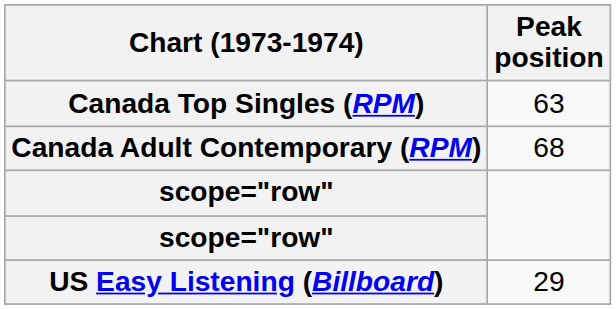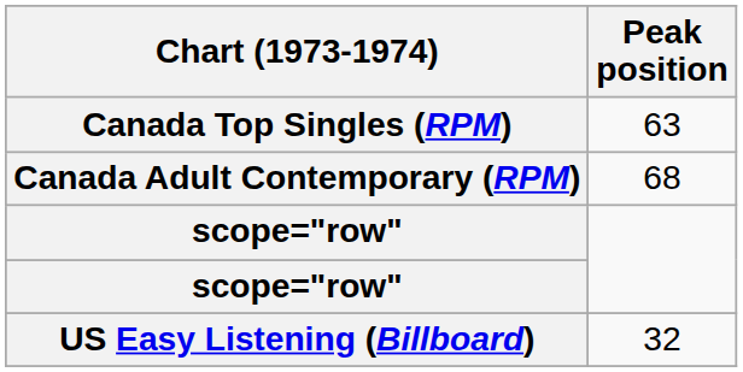 <table class="wikitable sortable plainrowheaders" style="text-align:center;">
 <tr>
 <th scope="col">Chart (1973-1974)</th>
 <th scope="col">Peak<br>position</th>
 </tr>
 <tr>
 <th scope="row">Canada Top Singles (<em><a href='#'>RPM</a></em>)</th>
 <td align="center">63</td>
 </tr>
 <tr>
 <th scope="row">Canada Adult Contemporary (<em><a href='#'>RPM</a></em>)</th>
 <td align="center">68</td>
 </tr>
 <tr>
 <th>scope="row"</th>
 </tr>
 <tr>
 <th>scope="row"</th>
 </tr>
 <tr>
 <th scope="row">US <a href='#'>Easy Listening</a> (<em><a href='#'>Billboard</a></em>)</th>
-<td align="center">29</td>
+<td align="center">32</td>
 </tr>
 </table>
